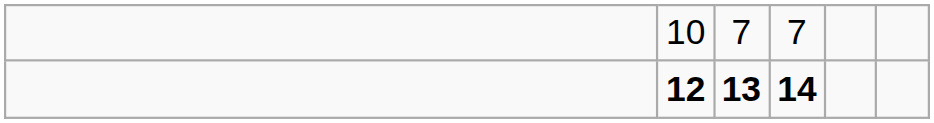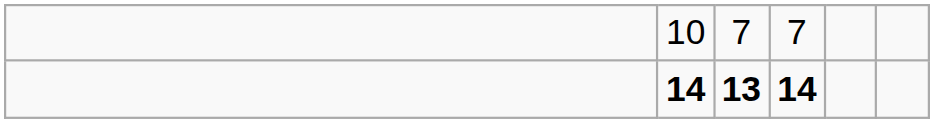 <table class="wikitable">
 <tr>
 <td style="width:18em"></td>
 <td align=center style="width:1em">10</td>
 <td align=center style="width:1em">7</td>
 <td align=center style="width:1em">7</td>
 <td align=center style="width:1em"></td>
 <td align=center style="width:1em"></td>
 </tr>
 <tr>
 <td style="width:18em"><strong></strong></td>
-<td align=center style="width:1em"><strong>12</strong></td>
+<td align=center style="width:1em"><strong>14</strong></td>
 <td align=center style="width:1em"><strong>13</strong></td>
 <td align=center style="width:1em"><strong>14</strong></td>
 <td align=center style="width:1em"></td>
 <td align=center style="width:1em"></td>
 </tr>
 </table>
